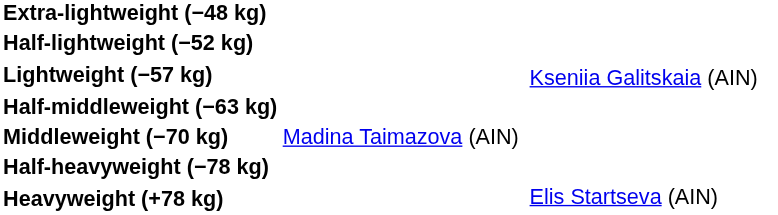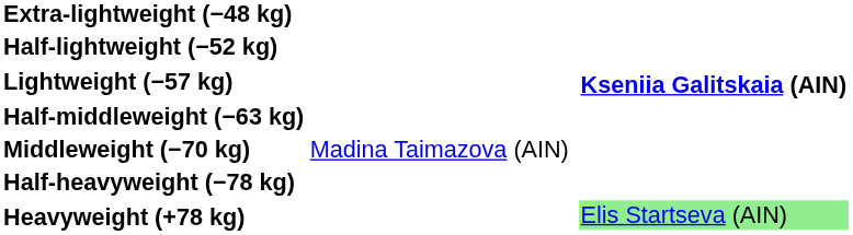 <table>
 <tr>
 <th rowspan=2 style="text-align:left;">Extra-lightweight (−48 kg)</th>
 <td rowspan=2></td>
 <td rowspan=2></td>
 <td></td>
 </tr>
 <tr>
 <td></td>
 </tr>
 <tr>
 <th rowspan=2 style="text-align:left;">Half-lightweight (−52 kg)</th>
 <td rowspan=2></td>
 <td rowspan=2></td>
 <td></td>
 </tr>
 <tr>
 <td></td>
 </tr>
 <tr>
 <th rowspan=2 style="text-align:left;">Lightweight (−57 kg)</th>
 <td rowspan=2></td>
 <td rowspan=2></td>
 <td></td>
 </tr>
 <tr>
-<td> <a href='#'>Kseniia Galitskaia</a> <span>(<abbr>AIN</abbr>)</span></td>
+<td><strong> <a href='#'>Kseniia Galitskaia</a> <span>(<abbr>AIN</abbr>)</span></strong></td>
 </tr>
 <tr>
 <th rowspan=2 style="text-align:left;">Half-middleweight (−63 kg)</th>
 <td rowspan=2></td>
 <td rowspan=2></td>
 <td></td>
 </tr>
 <tr>
 <td></td>
 </tr>
 <tr>
 <th rowspan=2 style="text-align:left;">Middleweight (−70 kg)</th>
 <td rowspan=2> <a href='#'>Madina Taimazova</a> <span>(<abbr>AIN</abbr>)</span></td>
 <td rowspan=2></td>
 <td></td>
 </tr>
 <tr>
 <td></td>
 </tr>
 <tr>
 <th rowspan=2 style="text-align:left;">Half-heavyweight (−78 kg)</th>
 <td rowspan=2></td>
 <td rowspan=2></td>
 <td></td>
 </tr>
 <tr>
 <td></td>
 </tr>
 <tr>
 <th rowspan=2 style="text-align:left;">Heavyweight (+78 kg)</th>
 <td rowspan=2></td>
 <td rowspan=2></td>
-<td> <a href='#'>Elis Startseva</a> <span>(<abbr>AIN</abbr>)</span></td>
+<td style="background: lightgreen;"> <a href='#'>Elis Startseva</a> <span>(<abbr>AIN</abbr>)</span></td>
 </tr>
 <tr>
 <td></td>
 </tr>
 </table>
